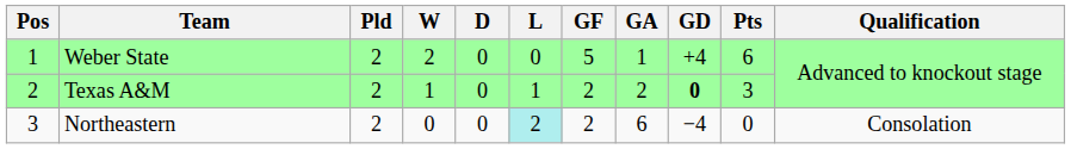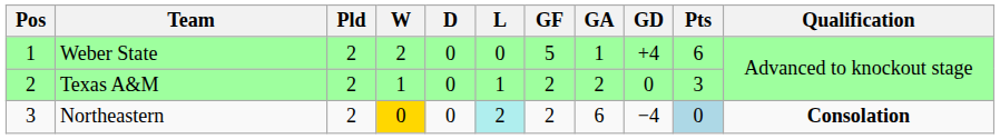 <table class="wikitable" style="text-align:center; margin: 1em auto">
 <tr>
 <th style="width:2em">Pos</th>
 <th style="width:13em">Team</th>
 <th style="width:2em">Pld</th>
 <th style="width:2em">W</th>
 <th style="width:2em">D</th>
 <th style="width:2em">L</th>
 <th style="width:2em">GF</th>
 <th style="width:2em">GA</th>
 <th style="width:2em">GD</th>
 <th style="width:2em">Pts</th>
 <th style="width:13em">Qualification</th>
 </tr>
 <tr bgcolor="#9eff9e">
 <td>1</td>
 <td style="text-align:left">Weber State</td>
 <td>2</td>
 <td>2</td>
 <td>0</td>
 <td>0</td>
 <td>5</td>
 <td>1</td>
 <td>+4</td>
 <td>6</td>
 <td rowspan="2">Advanced to knockout stage</td>
 </tr>
 <tr bgcolor="#9eff9e">
 <td>2</td>
 <td style="text-align:left">Texas A&M</td>
 <td>2</td>
 <td>1</td>
 <td>0</td>
 <td>1</td>
 <td>2</td>
 <td>2</td>
-<td><strong>0</strong></td>
+<td>0</td>
 <td>3</td>
 </tr>
 <tr>
 <td>3</td>
 <td style="text-align:left">Northeastern</td>
 <td>2</td>
-<td>0</td>
+<td style="background: gold;">0</td>
 <td>0</td>
 <td style="background: paleturquoise;">2</td>
 <td>2</td>
 <td>6</td>
 <td>−4</td>
-<td>0</td>
-<td>Consolation</td>
+<td style="background: lightblue;">0</td>
+<td><strong>Consolation</strong></td>
 </tr>
 </table>
